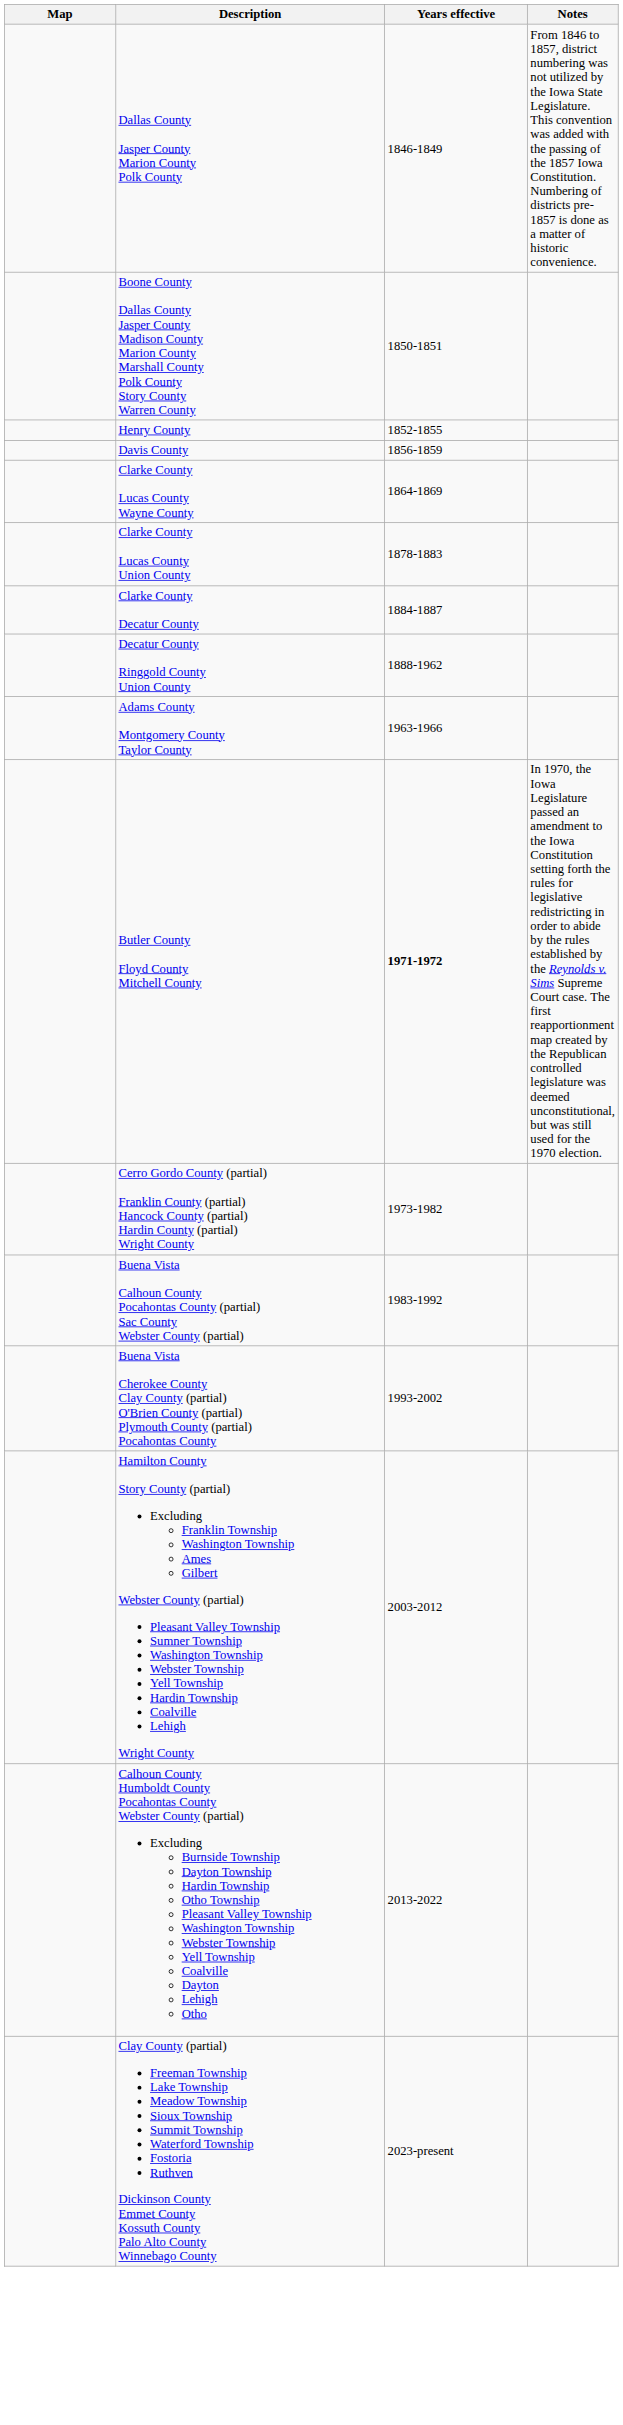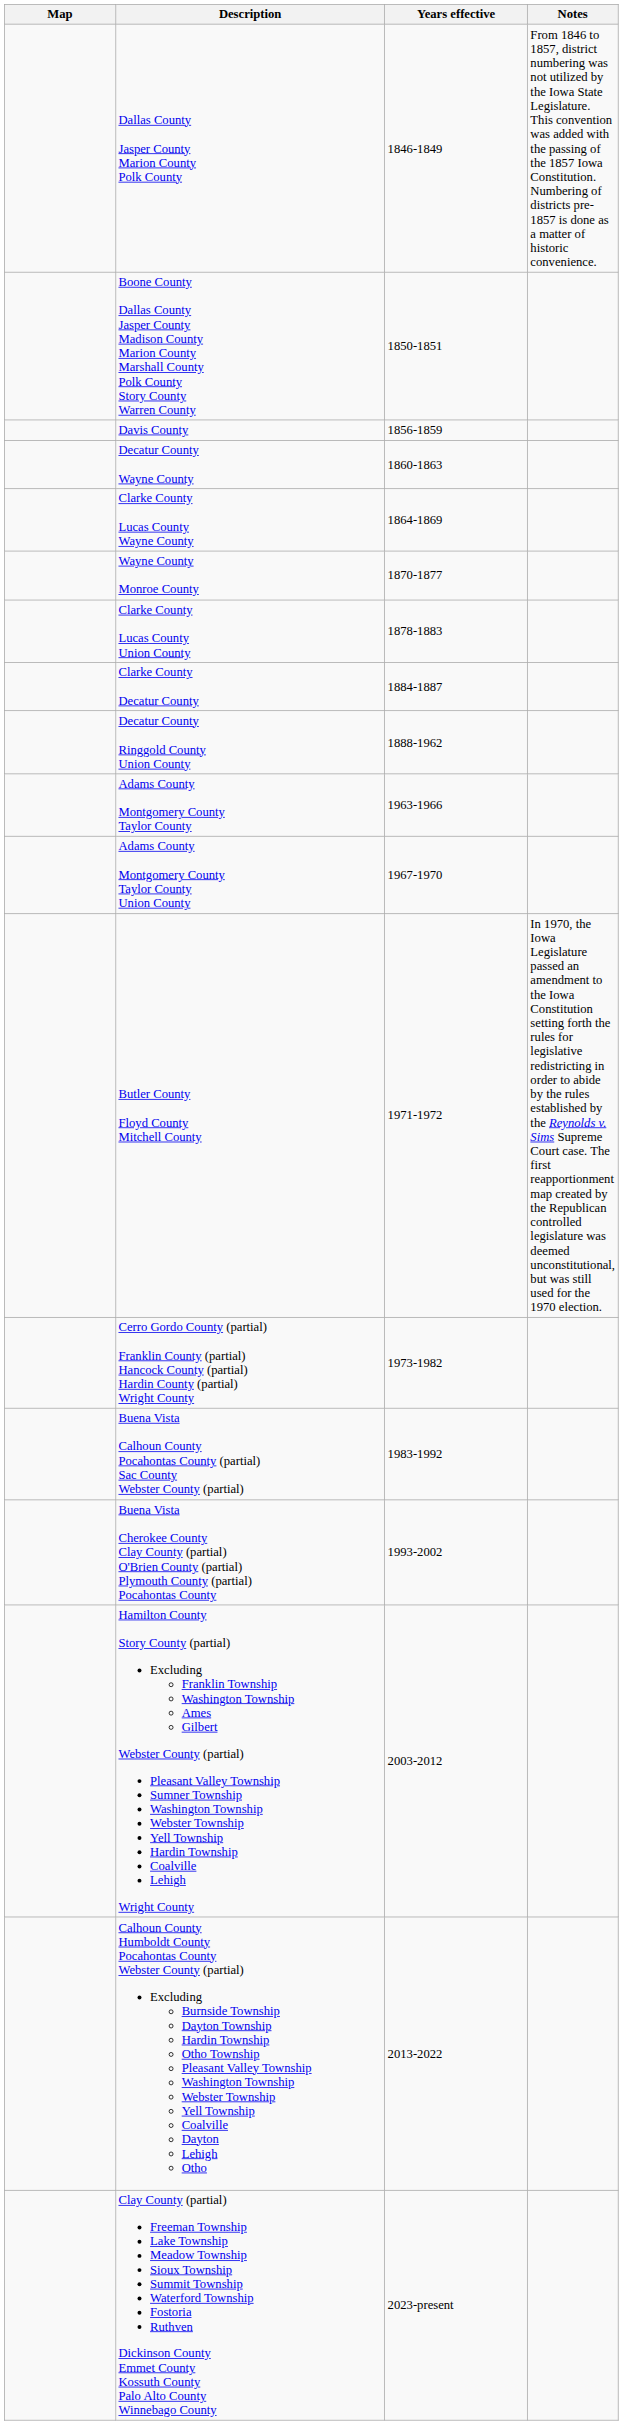 <table class="wikitable sortable">
 <tr>
 <th style="width:100pt;">Map</th>
 <th style="width:250pt;">Description</th>
 <th style="width:130pt;">Years effective</th>
 <th style="width:15pt;">Notes</th>
 </tr>
 <tr>
 <td></td>
 <td><a href='#'>Dallas County</a><br><br><a href='#'>Jasper County</a><br> <a href='#'>Marion County</a><br> <a href='#'>Polk County</a></td>
 <td>1846-1849</td>
 <td>From 1846 to 1857, district numbering was not utilized by the Iowa State Legislature. This convention was added with the passing of the 1857 Iowa Constitution. Numbering of districts pre-1857 is done as a matter of historic convenience.</td>
 </tr>
 <tr>
 <td></td>
 <td><a href='#'>Boone County</a><br><br><a href='#'>Dallas County</a><br> <a href='#'>Jasper County</a><br> <a href='#'>Madison County</a><br> <a href='#'>Marion County</a><br> <a href='#'>Marshall County</a><br> <a href='#'>Polk County</a><br> <a href='#'>Story County</a><br> <a href='#'>Warren County</a></td>
 <td>1850-1851</td>
 <td></td>
 </tr>
 <tr>
 <td></td>
-<td><a href='#'>Henry County</a></td>
-<td>1852-1855</td>
-<td></td>
-</tr>
-<tr>
-<td></td>
 <td><a href='#'>Davis County</a></td>
 <td>1856-1859</td>
 <td></td>
 </tr>
 <tr>
 <td></td>
+<td><a href='#'>Decatur County</a><br><br><a href='#'>Wayne County</a></td>
+<td>1860-1863</td>
+<td></td>
+</tr>
+<tr>
+<td></td>
 <td><a href='#'>Clarke County</a><br><br><a href='#'>Lucas County</a><br> <a href='#'>Wayne County</a></td>
 <td>1864-1869</td>
+<td></td>
+</tr>
+<tr>
+<td></td>
+<td><a href='#'>Wayne County</a><br><br><a href='#'>Monroe County</a></td>
+<td>1870-1877</td>
 <td></td>
 </tr>
 <tr>
 <td></td>
 <td><a href='#'>Clarke County</a><br><br><a href='#'>Lucas County</a><br> <a href='#'>Union County</a></td>
 <td>1878-1883</td>
 <td></td>
 </tr>
 <tr>
 <td></td>
 <td><a href='#'>Clarke County</a><br><br><a href='#'>Decatur County</a></td>
 <td>1884-1887</td>
 <td></td>
 </tr>
 <tr>
 <td></td>
 <td><a href='#'>Decatur County</a><br><br><a href='#'>Ringgold County</a><br> <a href='#'>Union County</a></td>
 <td>1888-1962</td>
 <td></td>
 </tr>
 <tr>
 <td></td>
 <td><a href='#'>Adams County</a><br><br><a href='#'>Montgomery County</a><br> <a href='#'>Taylor County</a></td>
 <td>1963-1966</td>
 <td></td>
 </tr>
 <tr>
 <td></td>
+<td><a href='#'>Adams County</a><br><br><a href='#'>Montgomery County</a><br> <a href='#'>Taylor County</a><br> <a href='#'>Union County</a></td>
+<td>1967-1970</td>
+<td></td>
+</tr>
+<tr>
+<td></td>
 <td><a href='#'>Butler County</a><br><br><a href='#'>Floyd County</a><br> <a href='#'>Mitchell County</a></td>
-<td><strong>1971-1972</strong></td>
+<td>1971-1972</td>
 <td>In 1970, the Iowa Legislature passed an amendment to the Iowa Constitution setting forth the rules for legislative redistricting in order to abide by the rules established by the <em><a href='#'>Reynolds v. Sims</a></em> Supreme Court case. The first reapportionment map created by the Republican controlled legislature was deemed unconstitutional, but was still used for the 1970 election.</td>
 </tr>
 <tr>
 <td></td>
 <td><a href='#'>Cerro Gordo County</a> (partial)<br><br><a href='#'>Franklin County</a> (partial)<br> <a href='#'>Hancock County</a> (partial)<br> <a href='#'>Hardin County</a> (partial)<br> <a href='#'>Wright County</a></td>
 <td>1973-1982</td>
 <td></td>
 </tr>
 <tr>
 <td></td>
 <td><a href='#'>Buena Vista</a><br><br><a href='#'>Calhoun County</a><br> <a href='#'>Pocahontas County</a> (partial)<br> <a href='#'>Sac County</a><br> <a href='#'>Webster County</a> (partial)</td>
 <td>1983-1992</td>
 <td></td>
 </tr>
 <tr>
 <td></td>
 <td><a href='#'>Buena Vista</a><br><br><a href='#'>Cherokee County</a><br> <a href='#'>Clay County</a> (partial)<br> <a href='#'>O'Brien County</a> (partial)<br> <a href='#'>Plymouth County</a> (partial)<br> <a href='#'>Pocahontas County</a></td>
 <td>1993-2002</td>
 <td></td>
 </tr>
 <tr>
 <td></td>
 <td><a href='#'>Hamilton County</a><br><br><a href='#'>Story County</a> (partial)<br><ul><li>Excluding<ul><li><a href='#'>Franklin Township</a></li><li><a href='#'>Washington Township</a></li><li><a href='#'>Ames</a></li><li><a href='#'>Gilbert</a></li></ul></li></ul><a href='#'>Webster County</a> (partial)<ul><li><a href='#'>Pleasant Valley Township</a></li><li><a href='#'>Sumner Township</a></li><li><a href='#'>Washington Township</a></li><li><a href='#'>Webster Township</a></li><li><a href='#'>Yell Township</a></li><li><a href='#'>Hardin Township</a></li><li><a href='#'>Coalville</a></li><li><a href='#'>Lehigh</a></li></ul><a href='#'>Wright County</a></td>
 <td>2003-2012</td>
 <td></td>
 </tr>
 <tr>
 <td></td>
 <td><a href='#'>Calhoun County</a><br><a href='#'>Humboldt County</a><br> <a href='#'>Pocahontas County</a><br> <a href='#'>Webster County</a> (partial)<ul><li>Excluding<ul><li><a href='#'>Burnside Township</a></li><li><a href='#'>Dayton Township</a></li><li><a href='#'>Hardin Township</a></li><li><a href='#'>Otho Township</a></li><li><a href='#'>Pleasant Valley Township</a></li><li><a href='#'>Washington Township</a></li><li><a href='#'>Webster Township</a></li><li><a href='#'>Yell Township</a></li><li><a href='#'>Coalville</a></li><li><a href='#'>Dayton</a></li><li><a href='#'>Lehigh</a></li><li><a href='#'>Otho</a></li></ul></li></ul></td>
 <td>2013-2022</td>
 <td></td>
 </tr>
 <tr>
 <td></td>
 <td><a href='#'>Clay County</a> (partial)<br><ul><li><a href='#'>Freeman Township</a></li><li><a href='#'>Lake Township</a></li><li><a href='#'>Meadow Township</a></li><li><a href='#'>Sioux Township</a></li><li><a href='#'>Summit Township</a></li><li><a href='#'>Waterford Township</a></li><li><a href='#'>Fostoria</a></li><li><a href='#'>Ruthven</a></li></ul><a href='#'>Dickinson County</a><br> <a href='#'>Emmet County</a><br> <a href='#'>Kossuth County</a><br> <a href='#'>Palo Alto County</a><br> <a href='#'>Winnebago County</a></td>
 <td>2023-present</td>
 </tr>
 </table>
